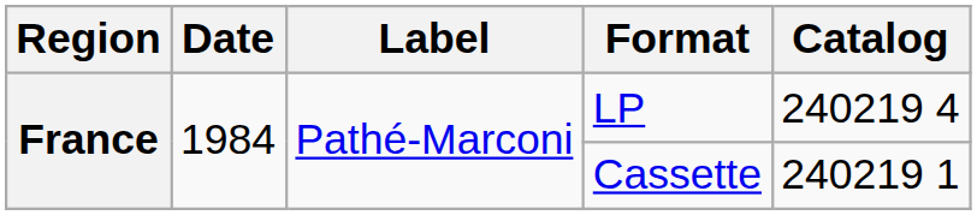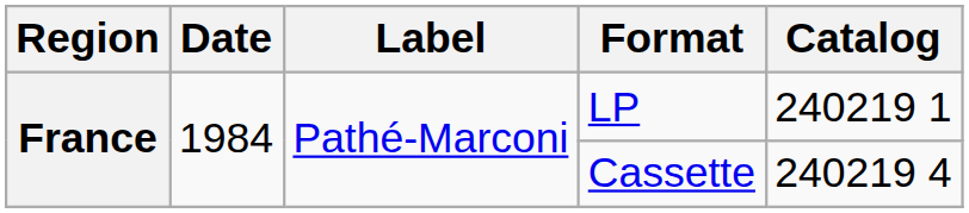 <table class="wikitable plainrowheaders">
 <tr>
 <th>Region</th>
 <th>Date</th>
 <th>Label</th>
 <th>Format</th>
 <th>Catalog</th>
 </tr>
 <tr>
 <th scope="row" rowspan="2">France</th>
 <td rowspan="2">1984</td>
 <td rowspan="2"><a href='#'>Pathé-Marconi</a></td>
 <td><a href='#'>LP</a></td>
-<td>240219 4</td>
+<td>240219 1</td>
 </tr>
 <tr>
 <td><a href='#'>Cassette</a></td>
-<td>240219 1</td>
+<td>240219 4</td>
 </tr>
 </table>
